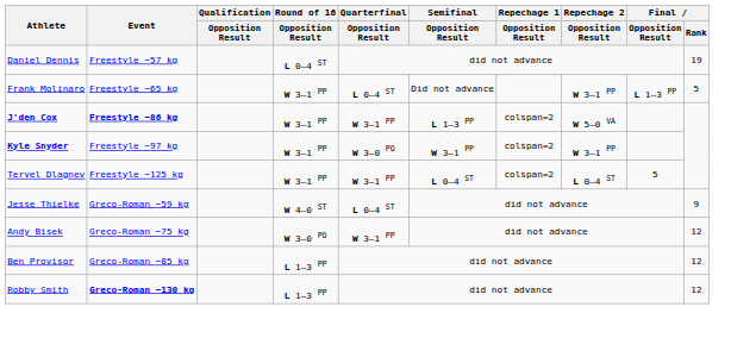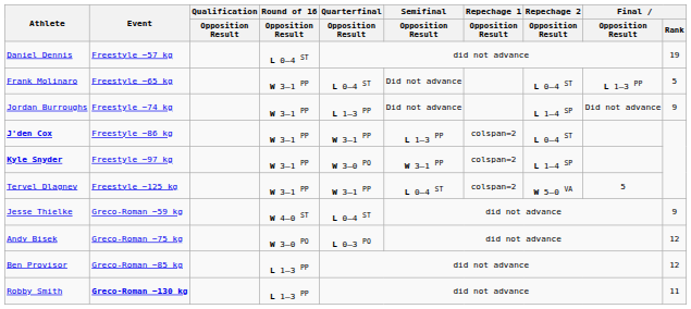 <table class=wikitable style=font-size:90%;text-align:center>
 <tr>
 <th rowspan=2>Athlete</th>
 <th rowspan=2>Event</th>
 <th>Qualification</th>
 <th>Round of 16</th>
 <th>Quarterfinal</th>
 <th>Semifinal</th>
 <th>Repechage 1</th>
 <th>Repechage 2</th>
 <th colspan=2>Final / </th>
 </tr>
 <tr style="font-size: 95%">
 <th>Opposition<br>Result</th>
 <th>Opposition<br>Result</th>
 <th>Opposition<br>Result</th>
 <th>Opposition<br>Result</th>
 <th>Opposition<br>Result</th>
 <th>Opposition<br>Result</th>
 <th>Opposition<br>Result</th>
 <th>Rank</th>
 </tr>
 <tr>
 <td align=left><a href='#'>Daniel Dennis</a></td>
 <td align=left><a href='#'>Freestyle −57 kg</a></td>
 <td></td>
 <td><br><strong>L</strong> 0–4 <sup>ST</sup></td>
 <td colspan=5>did not advance</td>
 <td>19</td>
 </tr>
 <tr>
 <td align=left><a href='#'>Frank Molinaro</a></td>
 <td align=left><a href='#'>Freestyle −65 kg</a></td>
 <td></td>
 <td><br><strong>W</strong> 3–1 <sup>PP</sup></td>
 <td><br><strong>L</strong> 0–4 <sup>ST</sup></td>
 <td>Did not advance</td>
 <td></td>
-<td><br><strong>W</strong> 3–1 <sup>PP</sup></td>
+<td><br><strong>L</strong> 0–4 <sup>ST</sup></td>
 <td><br><strong>L</strong> 1–3 <sup>PP</sup></td>
 <td>5</td>
 </tr>
 <tr>
+<td align=left><a href='#'>Jordan Burroughs</a></td>
+<td align=left><a href='#'>Freestyle −74 kg</a></td>
+<td></td>
+<td><br><strong>W</strong> 3–1 <sup>PP</sup></td>
+<td><br><strong>L</strong> 1–3 <sup>PP</sup></td>
+<td>Did not advance</td>
+<td></td>
+<td><br><strong>L</strong> 1–4 <sup>SP</sup></td>
+<td>Did not advance</td>
+<td>9</td>
+</tr>
+<tr>
 <td align=left><strong><a href='#'>J'den Cox</a></strong></td>
-<td align=left><strong><a href='#'>Freestyle −86 kg</a></strong></td>
+<td align=left><a href='#'>Freestyle −86 kg</a></td>
 <td></td>
 <td><br><strong>W</strong> 3–1 <sup>PP</sup></td>
 <td><br><strong>W</strong> 3–1 <sup>PP</sup></td>
 <td><br><strong>L</strong> 1–3 <sup>PP</sup></td>
 <td>colspan=2 </td>
-<td><br><strong>W</strong> 5–0 <sup>VA</sup></td>
+<td><br><strong>L</strong> 0–4 <sup>ST</sup></td>
 <td></td>
 </tr>
 <tr>
 <td align=left><strong><a href='#'>Kyle Snyder</a></strong></td>
 <td align=left><a href='#'>Freestyle −97 kg</a></td>
 <td></td>
 <td><br><strong>W</strong> 3–1 <sup>PP</sup></td>
 <td><br><strong>W</strong> 3–0 <sup>PO</sup></td>
 <td><br><strong>W</strong> 3–1 <sup>PP</sup></td>
 <td>colspan=2 </td>
-<td><br><strong>W</strong> 3–1 <sup>PP</sup></td>
+<td><br><strong>L</strong> 1–4 <sup>SP</sup></td>
 <td></td>
 </tr>
 <tr>
 <td align=left><a href='#'>Tervel Dlagnev</a></td>
 <td align=left><a href='#'>Freestyle −125 kg</a></td>
 <td></td>
 <td><br><strong>W</strong> 3–1 <sup>PP</sup></td>
 <td><br><strong>W</strong> 3–1 <sup>PP</sup></td>
 <td><br><strong>L</strong> 0–4 <sup>ST</sup></td>
 <td>colspan=2 </td>
-<td><br><strong>L</strong> 0–4 <sup>ST</sup></td>
+<td><br><strong>W</strong> 5–0 <sup>VA</sup></td>
 <td>5</td>
 </tr>
 <tr>
 <td align=left><a href='#'>Jesse Thielke</a></td>
 <td align=left><a href='#'>Greco-Roman −59 kg</a></td>
 <td></td>
 <td><br><strong>W</strong> 4–0 <sup>ST</sup></td>
 <td><br><strong>L</strong> 0–4 <sup>ST</sup></td>
 <td colspan=4>did not advance</td>
 <td>9</td>
 </tr>
 <tr>
 <td align=left><a href='#'>Andy Bisek</a></td>
 <td align=left><a href='#'>Greco-Roman −75 kg</a></td>
 <td></td>
 <td><br><strong>W</strong> 3–0 <sup>PO</sup></td>
-<td><br><strong>W</strong> 3–1 <sup>PP</sup></td>
+<td><br><strong>L</strong> 0–3 <sup>PO</sup></td>
 <td colspan=4>did not advance</td>
 <td>12</td>
 </tr>
 <tr>
 <td align=left><a href='#'>Ben Provisor</a></td>
 <td align=left><a href='#'>Greco-Roman −85 kg</a></td>
 <td></td>
 <td><br><strong>L</strong> 1–3 <sup>PP</sup></td>
 <td colspan=5>did not advance</td>
 <td>12</td>
 </tr>
 <tr>
 <td align=left><a href='#'>Robby Smith</a></td>
 <td align=left><strong><a href='#'>Greco-Roman −130 kg</a></strong></td>
 <td></td>
 <td><br><strong>L</strong> 1–3 <sup>PP</sup></td>
 <td colspan=5>did not advance</td>
-<td>12</td>
+<td>11</td>
 </tr>
 </table>
